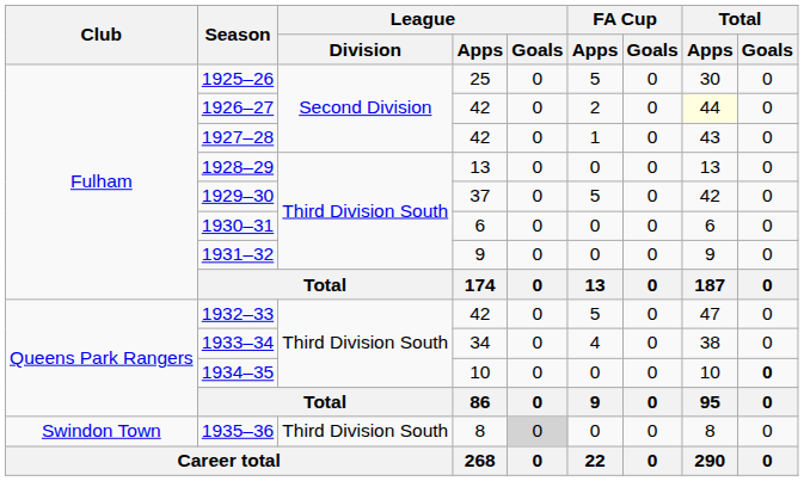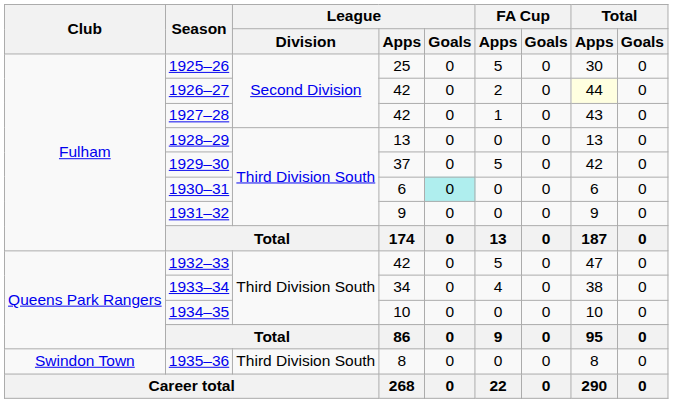 <table class="wikitable" style="text-align: center;">
 <tr>
 <th rowspan="2">Club</th>
 <th rowspan="2">Season</th>
 <th colspan="3">League</th>
 <th colspan="2">FA Cup</th>
 <th colspan="2">Total</th>
 </tr>
 <tr>
 <th>Division</th>
 <th>Apps</th>
 <th>Goals</th>
 <th>Apps</th>
 <th>Goals</th>
 <th>Apps</th>
 <th>Goals</th>
 </tr>
 <tr>
 <td rowspan="8"><a href='#'>Fulham</a></td>
 <td><a href='#'>1925–26</a></td>
 <td rowspan="3"><a href='#'>Second Division</a></td>
 <td>25</td>
 <td>0</td>
 <td>5</td>
 <td>0</td>
 <td>30</td>
 <td>0</td>
 </tr>
 <tr>
 <td><a href='#'>1926–27</a></td>
 <td>42</td>
 <td>0</td>
 <td>2</td>
 <td>0</td>
 <td style="background: lightyellow;">44</td>
 <td>0</td>
 </tr>
 <tr>
 <td><a href='#'>1927–28</a></td>
 <td>42</td>
 <td>0</td>
 <td>1</td>
 <td>0</td>
 <td>43</td>
 <td>0</td>
 </tr>
 <tr>
 <td><a href='#'>1928–29</a></td>
 <td rowspan="4"><a href='#'>Third Division South</a></td>
 <td>13</td>
 <td>0</td>
 <td>0</td>
 <td>0</td>
 <td>13</td>
 <td>0</td>
 </tr>
 <tr>
 <td><a href='#'>1929–30</a></td>
 <td>37</td>
 <td>0</td>
 <td>5</td>
 <td>0</td>
 <td>42</td>
 <td>0</td>
 </tr>
 <tr>
 <td><a href='#'>1930–31</a></td>
 <td>6</td>
-<td>0</td>
+<td style="background: paleturquoise;">0</td>
 <td>0</td>
 <td>0</td>
 <td>6</td>
 <td>0</td>
 </tr>
 <tr>
 <td><a href='#'>1931–32</a></td>
 <td>9</td>
 <td>0</td>
 <td>0</td>
 <td>0</td>
 <td>9</td>
 <td>0</td>
 </tr>
 <tr>
 <th colspan="2">Total</th>
 <th>174</th>
 <th>0</th>
 <th>13</th>
 <th>0</th>
 <th>187</th>
 <th>0</th>
 </tr>
 <tr>
 <td rowspan="4"><a href='#'>Queens Park Rangers</a></td>
 <td><a href='#'>1932–33</a></td>
 <td rowspan="3">Third Division South</td>
 <td>42</td>
 <td>0</td>
 <td>5</td>
 <td>0</td>
 <td>47</td>
 <td>0</td>
 </tr>
 <tr>
 <td><a href='#'>1933–34</a></td>
 <td>34</td>
 <td>0</td>
 <td>4</td>
 <td>0</td>
 <td>38</td>
 <td>0</td>
 </tr>
 <tr>
 <td><a href='#'>1934–35</a></td>
 <td>10</td>
 <td>0</td>
 <td>0</td>
 <td>0</td>
 <td>10</td>
-<td><strong>0</strong></td>
+<td>0</td>
 </tr>
 <tr>
 <th colspan="2">Total</th>
 <th>86</th>
 <th>0</th>
 <th>9</th>
 <th>0</th>
 <th>95</th>
 <th>0</th>
 </tr>
 <tr>
 <td><a href='#'>Swindon Town</a></td>
 <td><a href='#'>1935–36</a></td>
 <td>Third Division South</td>
 <td>8</td>
-<td style="background: lightgrey;">0</td>
+<td>0</td>
 <td>0</td>
 <td>0</td>
 <td>8</td>
 <td>0</td>
 </tr>
 <tr>
 <th colspan="3">Career total</th>
 <th>268</th>
 <th>0</th>
 <th>22</th>
 <th>0</th>
 <th>290</th>
 <th>0</th>
 </tr>
 </table>
